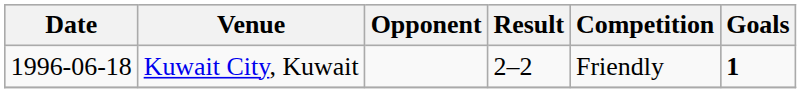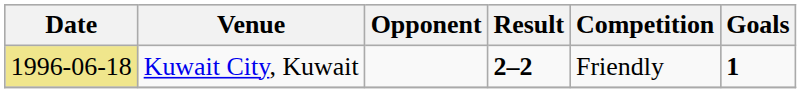 <table class="wikitable">
 <tr>
 <th>Date</th>
 <th>Venue</th>
 <th>Opponent</th>
 <th>Result</th>
 <th>Competition</th>
 <th>Goals</th>
 </tr>
 <tr>
-<td>1996-06-18</td>
+<td style="background: khaki;">1996-06-18</td>
 <td><a href='#'>Kuwait City</a>, Kuwait</td>
 <td></td>
-<td>2–2</td>
+<td><strong>2–2</strong></td>
 <td>Friendly</td>
 <td><strong>1</strong></td>
 </tr>
 <tr>
 </tr>
 </table>
